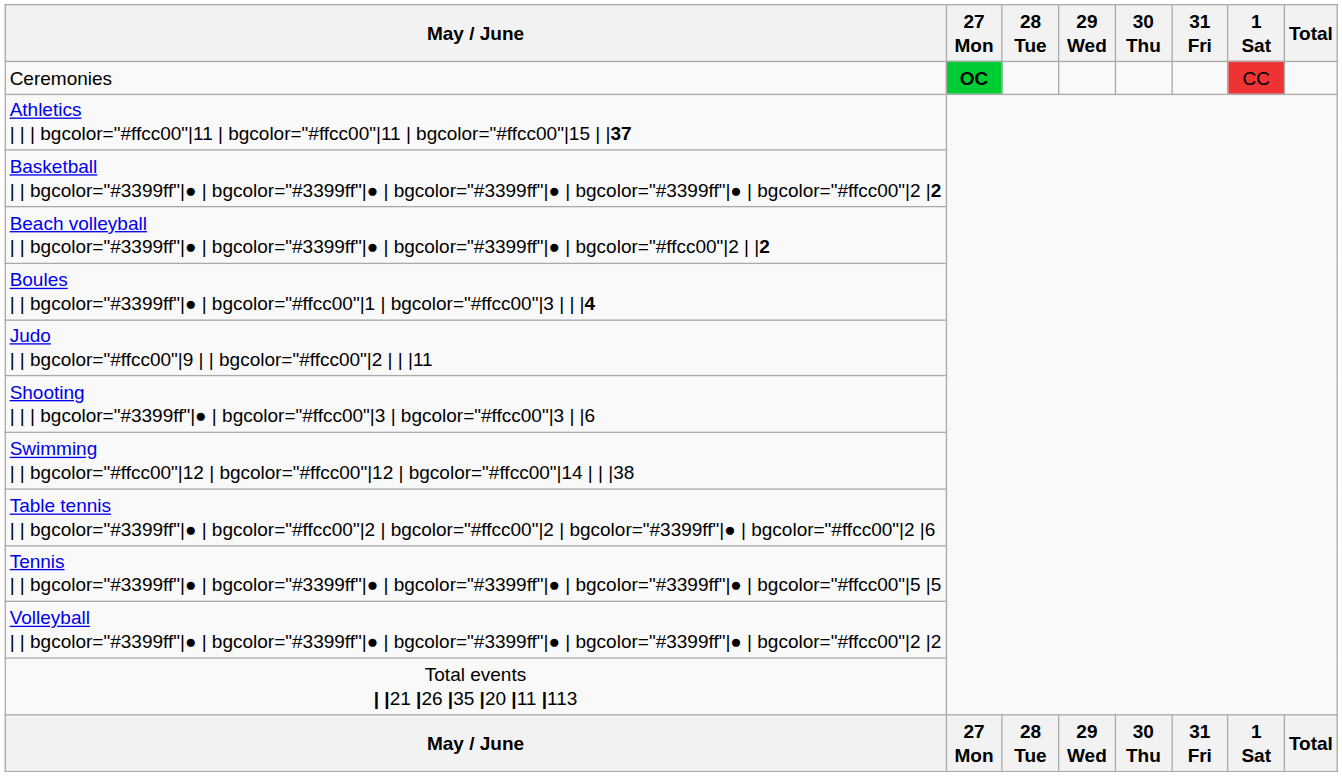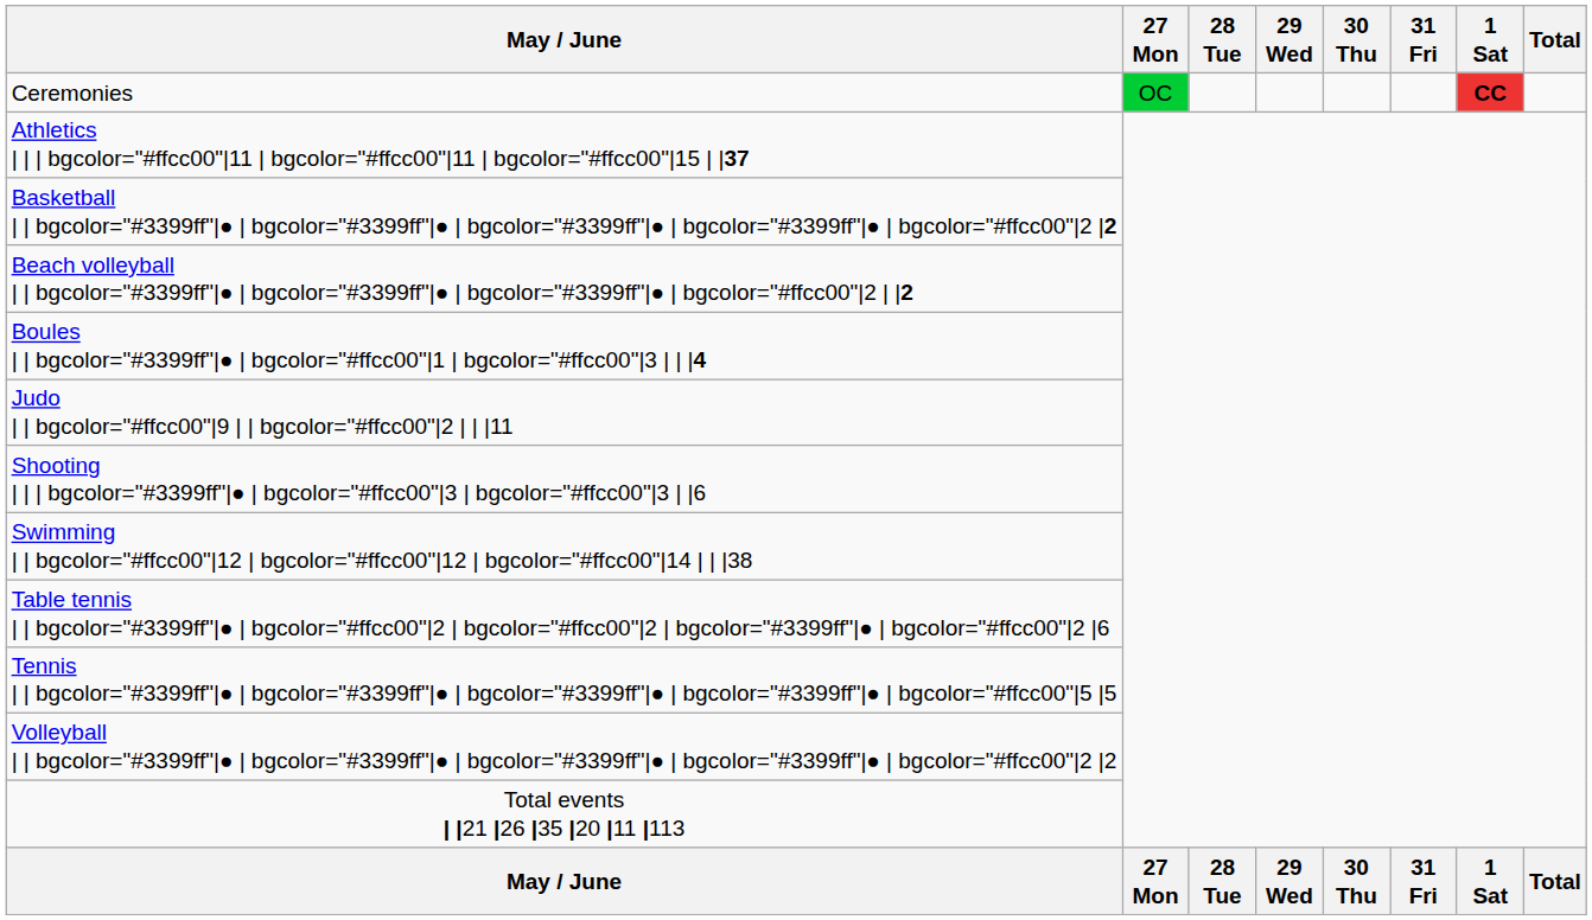 <table class="wikitable"style="text-align:center; margin:0.5em auto; font-size:90%; line-height:1.25em;">
 <tr>
 <th colspan=2>May / June</th>
 <th style="width:2.5em">27<br>Mon</th>
 <th style="width:2.5em">28<br>Tue</th>
 <th style="width:2.5em">29<br>Wed</th>
 <th style="width:2.5em">30<br>Thu</th>
 <th style="width:2.5em">31<br>Fri</th>
 <th style="width:2.5em">1<br>Sat</th>
 <th>Total</th>
 </tr>
 <tr>
 <td colspan=2 align=left>Ceremonies</td>
-<td bgcolor="#00cc33"><strong>OC</strong></td>
+<td bgcolor="#00cc33">OC</td>
 <td></td>
 <td></td>
 <td></td>
 <td></td>
-<td bgcolor="#ee3333">CC</td>
+<td bgcolor="#ee3333"><strong>CC</strong></td>
 <td></td>
 </tr>
 <tr>
 <td colspan=2 align=left> <a href='#'>Athletics</a><br>| |  | bgcolor="#ffcc00"|11 | bgcolor="#ffcc00"|11 | bgcolor="#ffcc00"|15 | |<strong>37</strong></td>
 </tr>
 <tr>
 <td colspan=2 align=left> <a href='#'>Basketball</a><br>| | bgcolor="#3399ff"|● | bgcolor="#3399ff"|● | bgcolor="#3399ff"|● | bgcolor="#3399ff"|● | bgcolor="#ffcc00"|2 |<strong>2</strong></td>
 </tr>
 <tr>
 <td colspan=2 align=left> <a href='#'>Beach volleyball</a><br>|  | bgcolor="#3399ff"|● | bgcolor="#3399ff"|● | bgcolor="#3399ff"|● | bgcolor="#ffcc00"|2 | |<strong>2</strong></td>
 </tr>
 <tr>
 <td colspan=2 align=left> <a href='#'>Boules</a><br>|  | bgcolor="#3399ff"|● | bgcolor="#ffcc00"|1 | bgcolor="#ffcc00"|3 | | |<strong>4<em><strong><em></td>
 </tr>
 <tr>
 <td colspan=2 align=left> <a href='#'>Judo</a><br>|  | bgcolor="#ffcc00"|9 | | bgcolor="#ffcc00"|2 | | |</strong>11<strong></td>
 </tr>
 <tr>
 <td colspan=2 align=left> <a href='#'>Shooting</a><br>|  | | bgcolor="#3399ff"|● | bgcolor="#ffcc00"|3 | bgcolor="#ffcc00"|3 | |</strong>6<strong></td>
 </tr>
 <tr>
 <td colspan=2 align=left> <a href='#'>Swimming</a><br>|  | bgcolor="#ffcc00"|12 | bgcolor="#ffcc00"|12 | bgcolor="#ffcc00"|14 |  | |</strong>38<strong></td>
 </tr>
 <tr>
 <td colspan=2 align=left> <a href='#'>Table tennis</a><br>|  | bgcolor="#3399ff"|● | bgcolor="#ffcc00"|2 | bgcolor="#ffcc00"|2 | bgcolor="#3399ff"|● | bgcolor="#ffcc00"|2 |</strong>6<strong></td>
 </tr>
 <tr>
 <td colspan=2 align=left> <a href='#'>Tennis</a><br>|  | bgcolor="#3399ff"|● | bgcolor="#3399ff"|● | bgcolor="#3399ff"|● | bgcolor="#3399ff"|● | bgcolor="#ffcc00"|5 |</strong>5<strong></td>
 </tr>
 <tr>
 <td colspan=2 align=left> <a href='#'>Volleyball</a><br>|  | bgcolor="#3399ff"|● | bgcolor="#3399ff"|● | bgcolor="#3399ff"|● | bgcolor="#3399ff"|● | bgcolor="#ffcc00"|2 |</strong>2<strong></td>
 </tr>
 <tr>
 <td colspan=2></strong>Total events<strong><br>|  |</strong>21<strong> |</strong>26<strong> |</strong>35<strong> |</strong>20<strong> |</strong>11<strong> |</strong>113<strong></td>
 </tr>
 <tr>
 <th colspan=2>May / June</th>
 <th>27<br>Mon</th>
 <th>28<br>Tue</th>
 <th>29<br>Wed</th>
 <th>30<br>Thu</th>
 <th>31<br>Fri</th>
 <th>1<br>Sat</th>
 <th>Total</th>
 </tr>
 </table>
